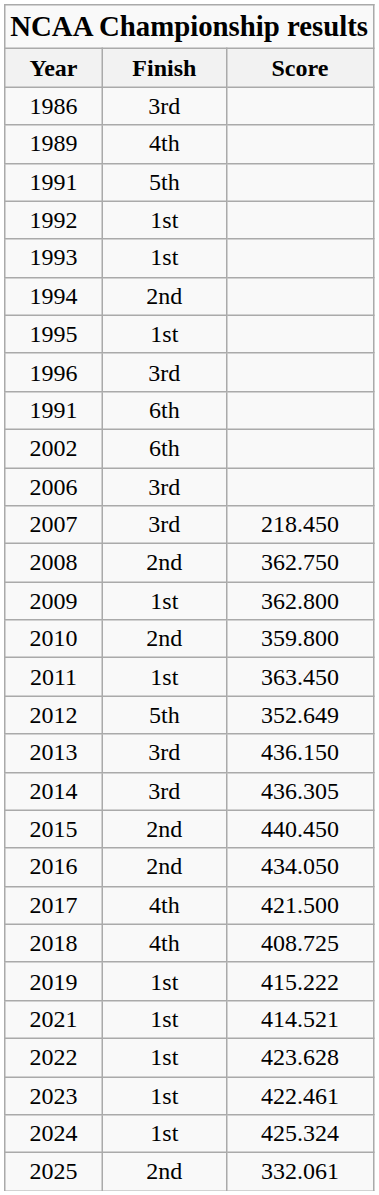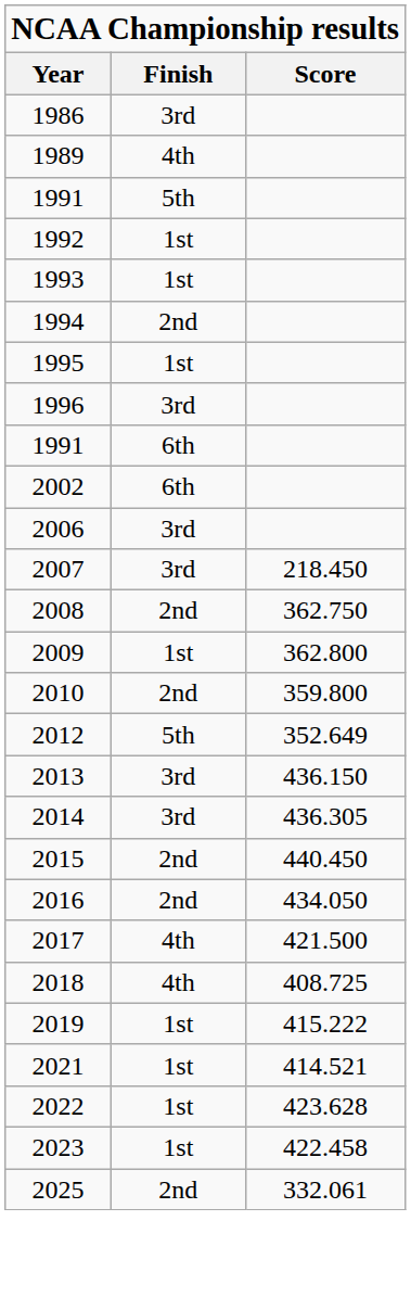 <table class="wikitable">
 <tr>
 <td colspan=3 align=center><big><span><strong>NCAA Championship results</strong></span></big></td>
 </tr>
 <tr align="center" valign="top">
 <th>Year</th>
 <th>Finish</th>
 <th>Score</th>
 </tr>
 <tr align="center" valign="top">
 <td>1986</td>
 <td>3rd</td>
 <td></td>
 </tr>
 <tr align="center" valign="top">
 <td>1989</td>
 <td>4th</td>
 <td></td>
 </tr>
 <tr align="center" valign="top">
 <td>1991</td>
 <td>5th</td>
 <td></td>
 </tr>
 <tr align="center" valign="top">
 <td>1992</td>
 <td>1st</td>
 <td></td>
 </tr>
 <tr align="center" valign="top">
 <td>1993</td>
 <td>1st</td>
 <td></td>
 </tr>
 <tr align="center" valign="top">
 <td>1994</td>
 <td>2nd</td>
 <td></td>
 </tr>
 <tr align="center" valign="top">
 <td>1995</td>
 <td>1st</td>
 <td></td>
 </tr>
 <tr align="center" valign="top">
 <td>1996</td>
 <td>3rd</td>
 <td></td>
 </tr>
 <tr align="center" valign="top">
 <td>1991</td>
 <td>6th</td>
 <td></td>
 </tr>
 <tr align="center" valign="top">
 <td>2002</td>
 <td>6th</td>
 <td></td>
 </tr>
 <tr align="center" valign="top">
 <td>2006</td>
 <td>3rd</td>
 <td></td>
 </tr>
 <tr align="center" valign="top">
 <td>2007</td>
 <td>3rd</td>
 <td>218.450</td>
 </tr>
 <tr align="center" valign="top">
 <td>2008</td>
 <td>2nd</td>
 <td>362.750</td>
 </tr>
 <tr align="center" valign="top">
 <td>2009</td>
 <td>1st</td>
 <td>362.800</td>
 </tr>
 <tr align="center" valign="top">
 <td>2010</td>
 <td>2nd</td>
 <td>359.800</td>
 </tr>
 <tr align="center" valign="top">
-<td>2011</td>
-<td>1st</td>
-<td>363.450</td>
-</tr>
-<tr align="center" valign="top">
 <td>2012</td>
 <td>5th</td>
 <td>352.649</td>
 </tr>
 <tr align="center" valign="top">
 <td>2013</td>
 <td>3rd</td>
 <td>436.150</td>
 </tr>
 <tr align="center" valign="top">
 <td>2014</td>
 <td>3rd</td>
 <td>436.305</td>
 </tr>
 <tr align="center" valign="top">
 <td>2015</td>
 <td>2nd</td>
 <td>440.450</td>
 </tr>
 <tr align="center" valign="top">
 <td>2016</td>
 <td>2nd</td>
 <td>434.050</td>
 </tr>
 <tr align="center" valign="top">
 <td>2017</td>
 <td>4th</td>
 <td>421.500</td>
 </tr>
 <tr align="center" valign="top">
 <td>2018</td>
 <td>4th</td>
 <td>408.725</td>
 </tr>
 <tr align="center" valign="top">
 <td>2019</td>
 <td>1st</td>
 <td>415.222</td>
 </tr>
 <tr align="center" valign="top">
 <td>2021</td>
 <td>1st</td>
 <td>414.521</td>
 </tr>
 <tr align="center" valign="top">
 <td>2022</td>
 <td>1st</td>
 <td>423.628</td>
 </tr>
 <tr align="center" valign="top">
 <td>2023</td>
 <td>1st</td>
-<td>422.461</td>
-</tr>
-<tr align="center" valign="top">
-<td>2024</td>
-<td>1st</td>
-<td>425.324</td>
+<td>422.458</td>
 </tr>
 <tr align="center" valign="top">
 <td>2025</td>
 <td>2nd</td>
 <td>332.061</td>
 </tr>
 </table>
